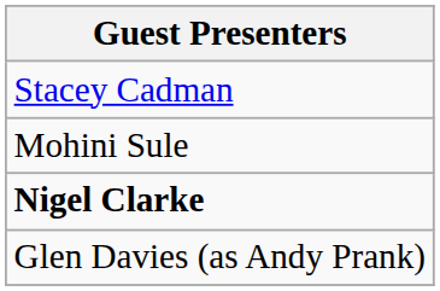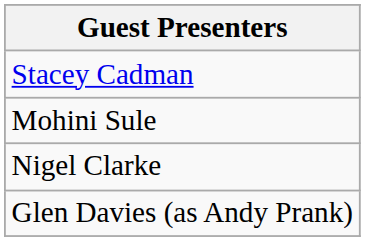 <table class="wikitable">
 <tr>
 <th>Guest Presenters</th>
 </tr>
 <tr>
 <td><a href='#'>Stacey Cadman</a></td>
 </tr>
 <tr>
 <td>Mohini Sule</td>
 </tr>
 <tr>
-<td><strong>Nigel Clarke</strong></td>
+<td>Nigel Clarke</td>
 </tr>
 <tr>
 <td>Glen Davies (as Andy Prank)</td>
 </tr>
 </table>
